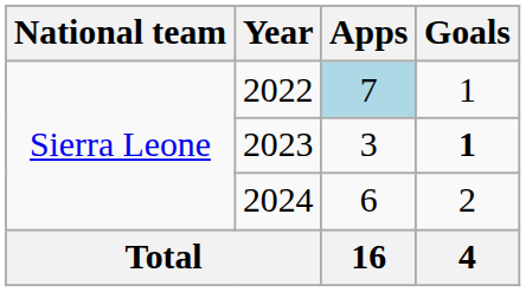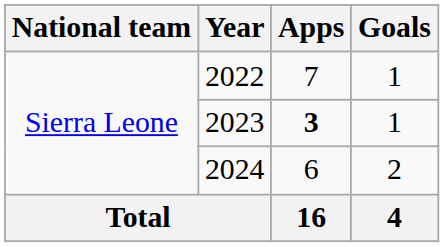 <table class="wikitable" style="text-align:center">
 <tr>
 <th>National team</th>
 <th>Year</th>
 <th>Apps</th>
 <th>Goals</th>
 </tr>
 <tr>
 <td rowspan="3"><a href='#'>Sierra Leone</a></td>
 <td>2022</td>
-<td style="background: lightblue;">7</td>
+<td>7</td>
 <td>1</td>
 </tr>
 <tr>
 <td>2023</td>
-<td>3</td>
-<td><strong>1</strong></td>
+<td><strong>3</strong></td>
+<td>1</td>
 </tr>
 <tr>
 <td>2024</td>
 <td>6</td>
 <td>2</td>
 </tr>
 <tr>
 <th colspan="2">Total</th>
 <th>16</th>
 <th>4</th>
 </tr>
 </table>
